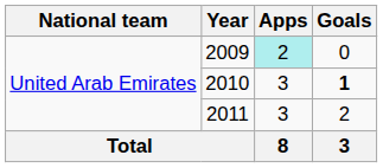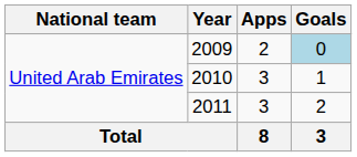 <table class="wikitable" style="text-align:center">
 <tr>
 <th>National team</th>
 <th>Year</th>
 <th>Apps</th>
 <th>Goals</th>
 </tr>
 <tr>
 </tr>
 <tr>
 <td rowspan="3"><a href='#'>United Arab Emirates</a></td>
 <td>2009</td>
-<td style="background: paleturquoise;">2</td>
-<td>0</td>
+<td>2</td>
+<td style="background: lightblue;">0</td>
 </tr>
 <tr>
 <td>2010</td>
 <td>3</td>
-<td><strong>1</strong></td>
+<td>1</td>
 </tr>
 <tr>
 <td>2011</td>
 <td>3</td>
 <td>2</td>
 </tr>
 <tr>
 <th colspan="2">Total</th>
 <th>8</th>
 <th>3</th>
 </tr>
 </table>
